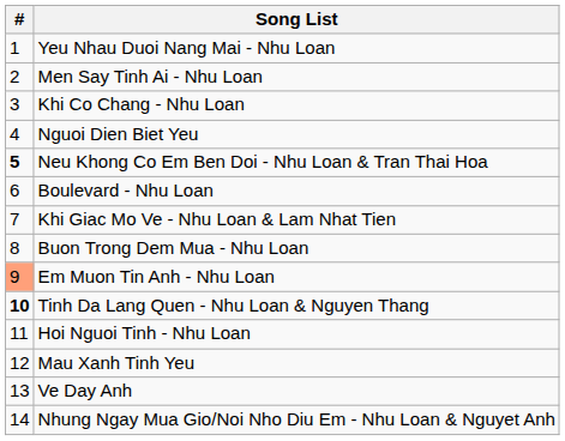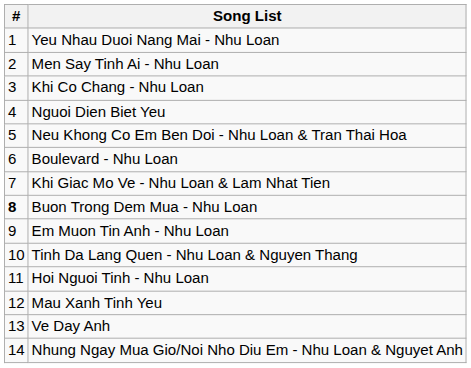 <table Class="wikitable">
 <tr>
 <th>#</th>
 <th>Song List</th>
 </tr>
 <tr>
 <td>1</td>
 <td>Yeu Nhau Duoi Nang Mai - Nhu Loan</td>
 </tr>
 <tr>
 <td>2</td>
 <td>Men Say Tinh Ai - Nhu Loan</td>
 </tr>
 <tr>
 <td>3</td>
 <td>Khi Co Chang - Nhu Loan</td>
 </tr>
 <tr>
 <td>4</td>
 <td>Nguoi Dien Biet Yeu</td>
 </tr>
 <tr>
-<td><strong>5</strong></td>
+<td>5</td>
 <td>Neu Khong Co Em Ben Doi - Nhu Loan & Tran Thai Hoa</td>
 </tr>
 <tr>
 <td>6</td>
 <td>Boulevard - Nhu Loan</td>
 </tr>
 <tr>
 <td>7</td>
 <td>Khi Giac Mo Ve - Nhu Loan & Lam Nhat Tien</td>
 </tr>
 <tr>
-<td>8</td>
+<td><strong>8</strong></td>
 <td>Buon Trong Dem Mua - Nhu Loan</td>
 </tr>
 <tr>
-<td style="background: lightsalmon;">9</td>
+<td>9</td>
 <td>Em Muon Tin Anh - Nhu Loan</td>
 </tr>
 <tr>
-<td><strong>10</strong></td>
+<td>10</td>
 <td>Tinh Da Lang Quen - Nhu Loan & Nguyen Thang</td>
 </tr>
 <tr>
 <td>11</td>
 <td>Hoi Nguoi Tinh - Nhu Loan</td>
 </tr>
 <tr>
 <td>12</td>
 <td>Mau Xanh Tinh Yeu</td>
 </tr>
 <tr>
 <td>13</td>
 <td>Ve Day Anh</td>
 </tr>
 <tr>
 <td>14</td>
 <td>Nhung Ngay Mua Gio/Noi Nho Diu Em - Nhu Loan & Nguyet Anh</td>
 </tr>
 </table>
